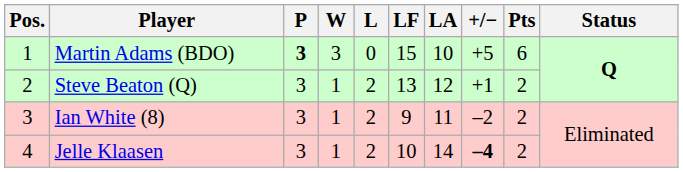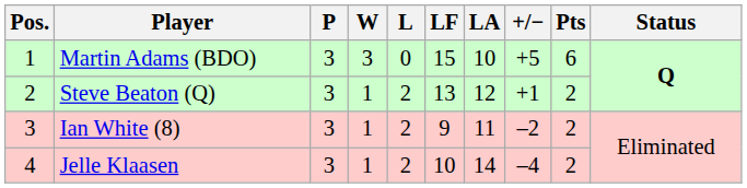 <table class="wikitable" style="text-align:center; margin: 1em auto 1em auto, align:left">
 <tr>
 <th width=20>Pos.</th>
 <th width=175>Player</th>
 <th width=20>P</th>
 <th width=20>W</th>
 <th width=20>L</th>
 <th width=20>LF</th>
 <th width=20>LA</th>
 <th width=25>+/−</th>
 <th width=20>Pts</th>
 <th width=100>Status</th>
 </tr>
 <tr style="background:#CCFFCC;">
 <td>1</td>
 <td style="text-align:left;"> <a href='#'>Martin Adams</a> (BDO)</td>
-<td><strong>3</strong></td>
+<td>3</td>
 <td>3</td>
 <td>0</td>
 <td>15</td>
 <td>10</td>
 <td>+5</td>
 <td>6</td>
 <td rowspan=2><strong>Q</strong></td>
 </tr>
 <tr style="background:#CCFFCC;">
 <td>2</td>
 <td style="text-align:left;"> <a href='#'>Steve Beaton</a> (Q)</td>
 <td>3</td>
 <td>1</td>
 <td>2</td>
 <td>13</td>
 <td>12</td>
 <td>+1</td>
 <td>2</td>
 </tr>
 <tr style="background:#FFCCCC;">
 <td>3</td>
 <td style="text-align:left;"> <a href='#'>Ian White</a> (8)</td>
 <td>3</td>
 <td>1</td>
 <td>2</td>
 <td>9</td>
 <td>11</td>
 <td>–2</td>
 <td>2</td>
 <td rowspan=2>Eliminated</td>
 </tr>
 <tr style="background:#FFCCCC;">
 <td>4</td>
 <td style="text-align:left;"> <a href='#'>Jelle Klaasen</a></td>
 <td>3</td>
 <td>1</td>
 <td>2</td>
 <td>10</td>
 <td>14</td>
-<td><strong>–4</strong></td>
+<td>–4</td>
 <td>2</td>
 </tr>
 </table>
